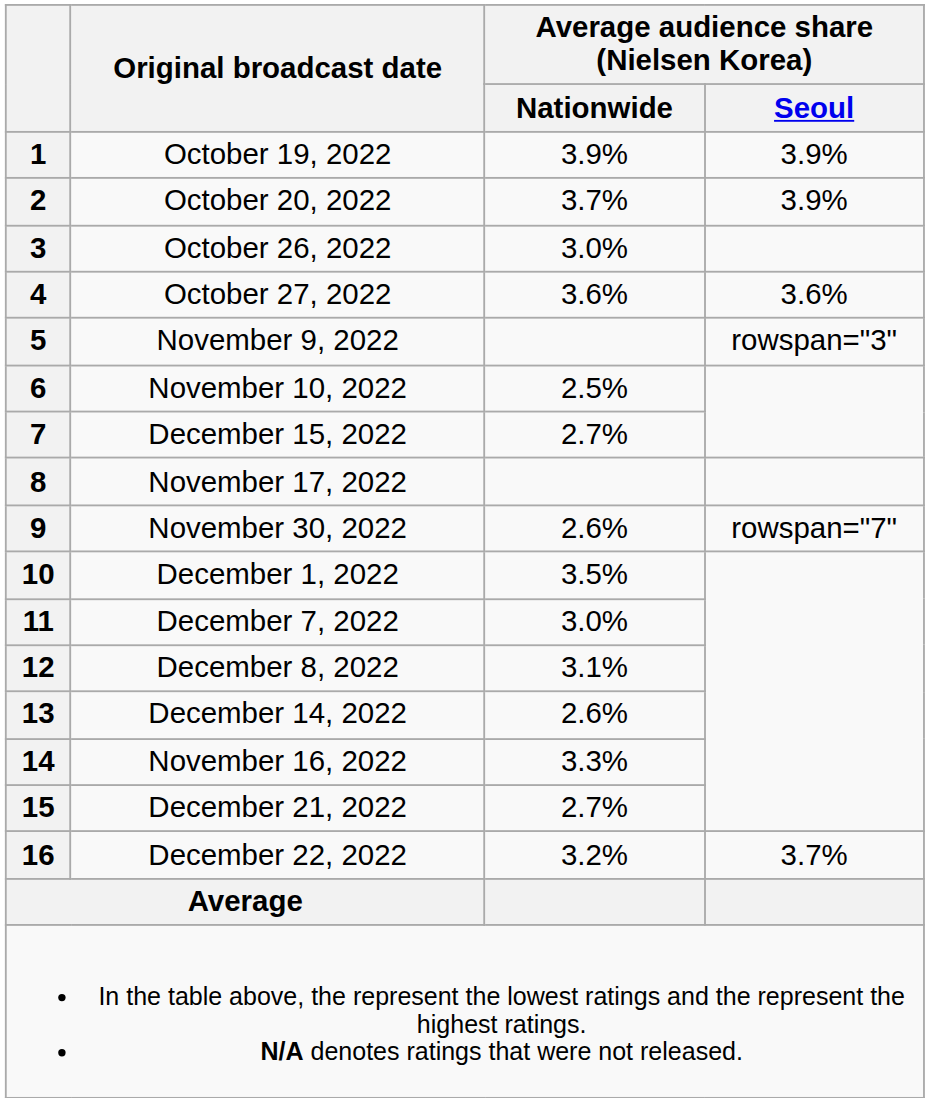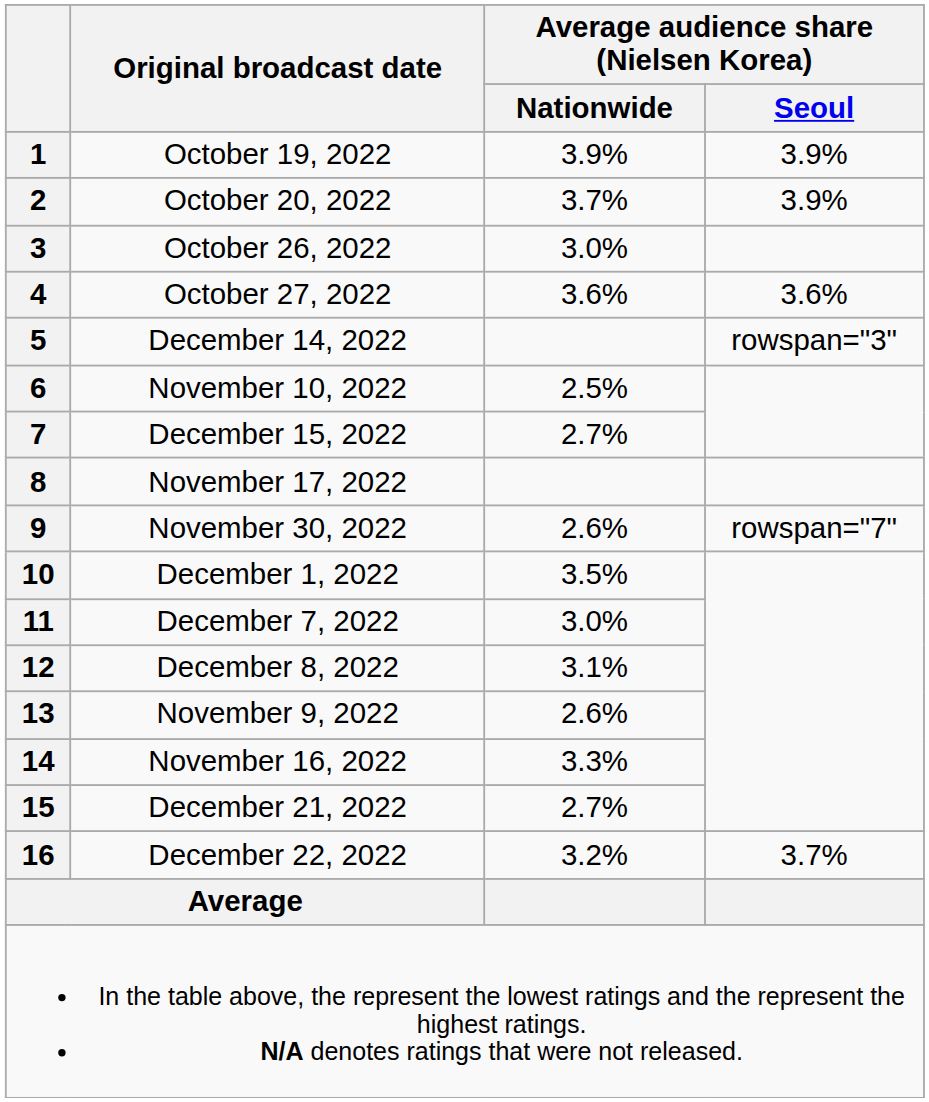 <table class="wikitable" style="text-align:center; max-width:500px; margin-left:auto; margin-right:auto">
 <tr>
 <th scope="col" rowspan="2"></th>
 <th scope="col" rowspan="2">Original broadcast date</th>
 <th scope="col" colspan="2">Average audience share<br>(Nielsen Korea)</th>
 </tr>
 <tr>
 <th scope="col" style="width:7em">Nationwide</th>
 <th scope="col" style="width:7em"><a href='#'>Seoul</a></th>
 </tr>
 <tr>
 <th scope="col">1</th>
 <td>October 19, 2022</td>
 <td>3.9% </td>
 <td>3.9% </td>
 </tr>
 <tr>
 <th scope="col">2</th>
 <td>October 20, 2022</td>
 <td>3.7% </td>
 <td>3.9% </td>
 </tr>
 <tr>
 <th scope="col">3</th>
 <td>October 26, 2022</td>
 <td>3.0% </td>
 <td></td>
 </tr>
 <tr>
 <th scope="col">4</th>
 <td>October 27, 2022</td>
 <td>3.6% </td>
 <td>3.6% </td>
 </tr>
 <tr>
 <th scope="col">5</th>
-<td>November 9, 2022</td>
+<td>December 14, 2022</td>
 <td><strong></strong> </td>
 <td>rowspan="3" </td>
 </tr>
 <tr>
 <th scope="col">6</th>
 <td>November 10, 2022</td>
 <td>2.5% </td>
 </tr>
 <tr>
 <th scope="col">7</th>
 <td>December 15, 2022</td>
 <td>2.7% </td>
 </tr>
 <tr>
 <th scope="col">8</th>
 <td>November 17, 2022</td>
 <td><strong></strong> </td>
 <td><strong></strong> </td>
 </tr>
 <tr>
 <th scope="col">9</th>
 <td>November 30, 2022</td>
 <td>2.6% </td>
 <td>rowspan="7" </td>
 </tr>
 <tr>
 <th scope="col">10</th>
 <td>December 1, 2022</td>
 <td>3.5% </td>
 </tr>
 <tr>
 <th scope="col">11</th>
 <td>December 7, 2022</td>
 <td>3.0% </td>
 </tr>
 <tr>
 <th scope="col">12</th>
 <td>December 8, 2022</td>
 <td>3.1% </td>
 </tr>
 <tr>
 <th scope="col">13</th>
-<td>December 14, 2022</td>
+<td>November 9, 2022</td>
 <td>2.6% </td>
 </tr>
 <tr>
 <th scope="col">14</th>
 <td>November 16, 2022</td>
 <td>3.3% </td>
 </tr>
 <tr>
 <th scope="col">15</th>
 <td>December 21, 2022</td>
 <td>2.7% </td>
 </tr>
 <tr>
 <th scope="col">16</th>
 <td>December 22, 2022</td>
 <td>3.2% </td>
 <td>3.7% </td>
 </tr>
 <tr>
 <th scope="col" colspan="2">Average</th>
 <th scope="col"></th>
 <th scope="col"></th>
 </tr>
 <tr>
 <td colspan="4" style="font-size:85%"><br><ul><li>In the table above, the <strong></strong> represent the lowest ratings and the <strong></strong> represent the highest ratings.</li><li><strong>N/A</strong> denotes ratings that were not released.</li></ul></td>
 </tr>
 </table>
